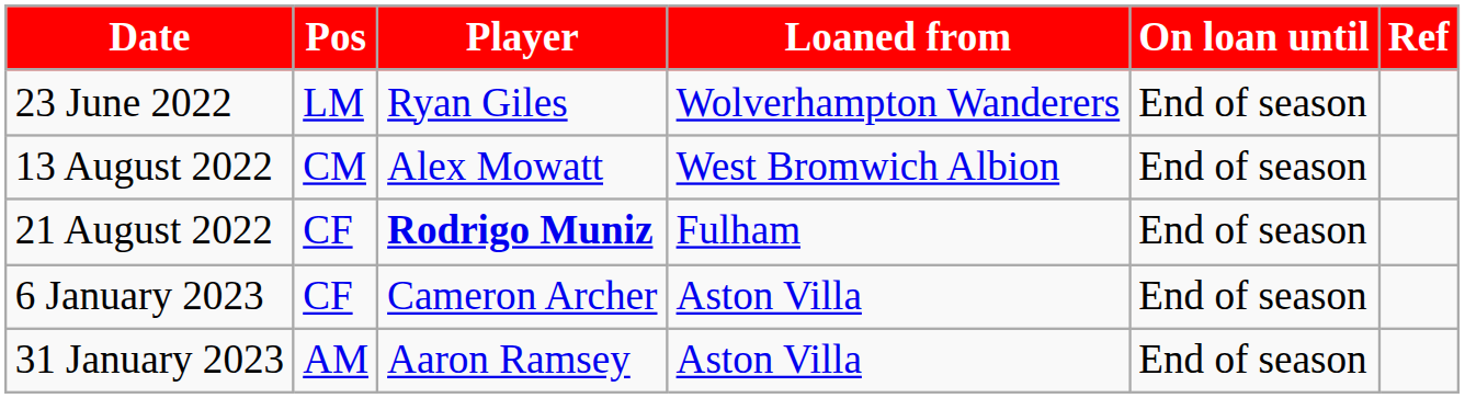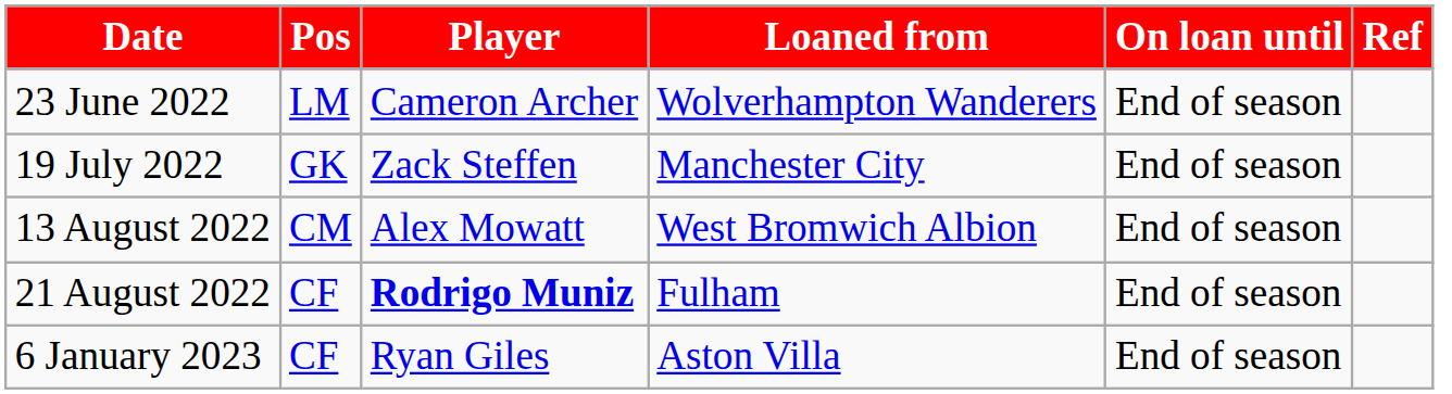 <table class="wikitable plainrowheaders sortable">
 <tr>
 <th style="background:#FF0000; color:#FFFFFF; ">Date</th>
 <th style="background:#FF0000; color:#FFFFFF; ">Pos</th>
 <th style="background:#FF0000; color:#FFFFFF; ">Player</th>
 <th style="background:#FF0000; color:#FFFFFF; ">Loaned from</th>
 <th style="background:#FF0000; color:#FFFFFF; ">On loan until</th>
 <th style="background:#FF0000; color:#FFFFFF; ">Ref</th>
 </tr>
 <tr>
 <td>23 June 2022</td>
 <td><a href='#'>LM</a></td>
-<td> <a href='#'>Ryan Giles</a></td>
+<td> <a href='#'>Cameron Archer</a></td>
 <td> <a href='#'>Wolverhampton Wanderers</a></td>
+<td>End of season</td>
+<td></td>
+</tr>
+<tr>
+<td>19 July 2022</td>
+<td><a href='#'>GK</a></td>
+<td> <a href='#'>Zack Steffen</a></td>
+<td> <a href='#'>Manchester City</a></td>
 <td>End of season</td>
 <td></td>
 </tr>
 <tr>
 <td>13 August 2022</td>
 <td><a href='#'>CM</a></td>
 <td> <a href='#'>Alex Mowatt</a></td>
 <td> <a href='#'>West Bromwich Albion</a></td>
 <td>End of season</td>
 <td></td>
 </tr>
 <tr>
 <td>21 August 2022</td>
 <td><a href='#'>CF</a></td>
 <td><strong> <a href='#'>Rodrigo Muniz</a></strong></td>
 <td> <a href='#'>Fulham</a></td>
 <td>End of season</td>
 <td></td>
 </tr>
 <tr>
 <td>6 January 2023</td>
 <td><a href='#'>CF</a></td>
-<td> <a href='#'>Cameron Archer</a></td>
-<td> <a href='#'>Aston Villa</a></td>
-<td>End of season</td>
-<td></td>
-</tr>
-<tr>
-<td>31 January 2023</td>
-<td><a href='#'>AM</a></td>
-<td> <a href='#'>Aaron Ramsey</a></td>
+<td> <a href='#'>Ryan Giles</a></td>
 <td> <a href='#'>Aston Villa</a></td>
 <td>End of season</td>
 <td></td>
 </tr>
 </table>
